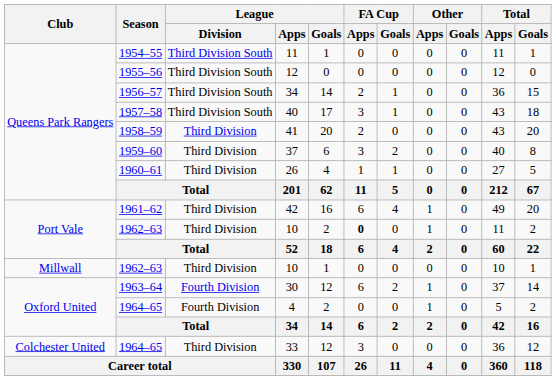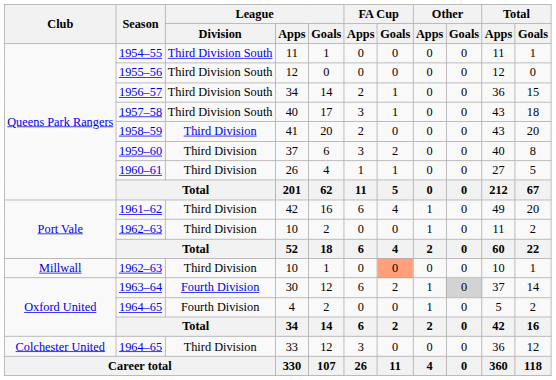 <table class="wikitable" style="text-align:center">
 <tr>
 <th rowspan="2">Club</th>
 <th rowspan="2">Season</th>
 <th colspan="3">League</th>
 <th colspan="2">FA Cup</th>
 <th colspan="2">Other</th>
 <th colspan="2">Total</th>
 </tr>
 <tr>
 <th>Division</th>
 <th>Apps</th>
 <th>Goals</th>
 <th>Apps</th>
 <th>Goals</th>
 <th>Apps</th>
 <th>Goals</th>
 <th>Apps</th>
 <th>Goals</th>
 </tr>
 <tr>
 <td rowspan="8"><a href='#'>Queens Park Rangers</a></td>
 <td><a href='#'>1954–55</a></td>
 <td><a href='#'>Third Division South</a></td>
 <td>11</td>
 <td>1</td>
 <td>0</td>
 <td>0</td>
 <td>0</td>
 <td>0</td>
 <td>11</td>
 <td>1</td>
 </tr>
 <tr>
 <td><a href='#'>1955–56</a></td>
 <td>Third Division South</td>
 <td>12</td>
 <td>0</td>
 <td>0</td>
 <td>0</td>
 <td>0</td>
 <td>0</td>
 <td>12</td>
 <td>0</td>
 </tr>
 <tr>
 <td><a href='#'>1956–57</a></td>
 <td>Third Division South</td>
 <td>34</td>
 <td>14</td>
 <td>2</td>
 <td>1</td>
 <td>0</td>
 <td>0</td>
 <td>36</td>
 <td>15</td>
 </tr>
 <tr>
 <td><a href='#'>1957–58</a></td>
 <td>Third Division South</td>
 <td>40</td>
 <td>17</td>
 <td>3</td>
 <td>1</td>
 <td>0</td>
 <td>0</td>
 <td>43</td>
 <td>18</td>
 </tr>
 <tr>
 <td><a href='#'>1958–59</a></td>
 <td><a href='#'>Third Division</a></td>
 <td>41</td>
 <td>20</td>
 <td>2</td>
 <td>0</td>
 <td>0</td>
 <td>0</td>
 <td>43</td>
 <td>20</td>
 </tr>
 <tr>
 <td><a href='#'>1959–60</a></td>
 <td>Third Division</td>
 <td>37</td>
 <td>6</td>
 <td>3</td>
 <td>2</td>
 <td>0</td>
 <td>0</td>
 <td>40</td>
 <td>8</td>
 </tr>
 <tr>
 <td><a href='#'>1960–61</a></td>
 <td>Third Division</td>
 <td>26</td>
 <td>4</td>
 <td>1</td>
 <td>1</td>
 <td>0</td>
 <td>0</td>
 <td>27</td>
 <td>5</td>
 </tr>
 <tr>
 <th colspan="2">Total</th>
 <th>201</th>
 <th>62</th>
 <th>11</th>
 <th>5</th>
 <th>0</th>
 <th>0</th>
 <th>212</th>
 <th>67</th>
 </tr>
 <tr>
 <td rowspan="3"><a href='#'>Port Vale</a></td>
 <td><a href='#'>1961–62</a></td>
 <td>Third Division</td>
 <td>42</td>
 <td>16</td>
 <td>6</td>
 <td>4</td>
 <td>1</td>
 <td>0</td>
 <td>49</td>
 <td>20</td>
 </tr>
 <tr>
 <td><a href='#'>1962–63</a></td>
 <td>Third Division</td>
 <td>10</td>
 <td>2</td>
-<td><strong>0</strong></td>
+<td>0</td>
 <td>0</td>
 <td>1</td>
 <td>0</td>
 <td>11</td>
 <td>2</td>
 </tr>
 <tr>
 <th colspan="2">Total</th>
 <th>52</th>
 <th>18</th>
 <th>6</th>
 <th>4</th>
 <th>2</th>
 <th>0</th>
 <th>60</th>
 <th>22</th>
 </tr>
 <tr>
 <td><a href='#'>Millwall</a></td>
 <td><a href='#'>1962–63</a></td>
 <td>Third Division</td>
 <td>10</td>
 <td>1</td>
 <td>0</td>
-<td>0</td>
+<td style="background: lightsalmon;">0</td>
 <td>0</td>
 <td>0</td>
 <td>10</td>
 <td>1</td>
 </tr>
 <tr>
 <td rowspan="3"><a href='#'>Oxford United</a></td>
 <td><a href='#'>1963–64</a></td>
 <td><a href='#'>Fourth Division</a></td>
 <td>30</td>
 <td>12</td>
 <td>6</td>
 <td>2</td>
 <td>1</td>
-<td>0</td>
+<td style="background: lightgrey;">0</td>
 <td>37</td>
 <td>14</td>
 </tr>
 <tr>
 <td><a href='#'>1964–65</a></td>
 <td>Fourth Division</td>
 <td>4</td>
 <td>2</td>
 <td>0</td>
 <td>0</td>
 <td>1</td>
 <td>0</td>
 <td>5</td>
 <td>2</td>
 </tr>
 <tr>
 <th colspan="2">Total</th>
 <th>34</th>
 <th>14</th>
 <th>6</th>
 <th>2</th>
 <th>2</th>
 <th>0</th>
 <th>42</th>
 <th>16</th>
 </tr>
 <tr>
 <td><a href='#'>Colchester United</a></td>
 <td><a href='#'>1964–65</a></td>
 <td>Third Division</td>
 <td>33</td>
 <td>12</td>
 <td>3</td>
 <td>0</td>
 <td>0</td>
 <td>0</td>
 <td>36</td>
 <td>12</td>
 </tr>
 <tr>
 <th colspan="3">Career total</th>
 <th>330</th>
 <th>107</th>
 <th>26</th>
 <th>11</th>
 <th>4</th>
 <th>0</th>
 <th>360</th>
 <th>118</th>
 </tr>
 </table>
